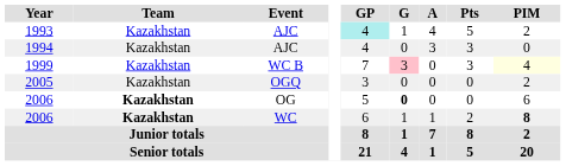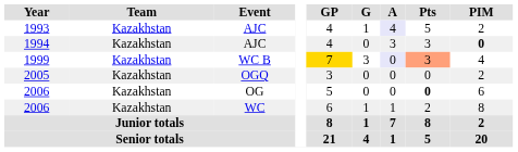 <table border="0" cellpadding="1" cellspacing="0" style="text-align:center; width:40em">
 <tr ALIGN="center" bgcolor="#e0e0e0">
 <th>Year</th>
 <th>Team</th>
 <th>Event</th>
 <th ALIGN="center" rowspan="99" bgcolor="#ffffff"> </th>
 <th>GP</th>
 <th>G</th>
 <th>A</th>
 <th>Pts</th>
 <th>PIM</th>
 </tr>
 <tr>
 <td><a href='#'>1993</a></td>
 <td><a href='#'>Kazakhstan</a></td>
 <td><a href='#'>AJC</a></td>
-<td style="background: paleturquoise;">4</td>
+<td>4</td>
 <td>1</td>
-<td>4</td>
+<td style="background: lavender;">4</td>
 <td>5</td>
 <td>2</td>
 </tr>
 <tr bgcolor="#f0f0f0">
 <td><a href='#'>1994</a></td>
 <td>Kazakhstan</td>
 <td>AJC</td>
 <td>4</td>
 <td>0</td>
 <td>3</td>
 <td>3</td>
-<td>0</td>
+<td><strong>0</strong></td>
 </tr>
 <tr>
 <td><a href='#'>1999</a></td>
 <td><a href='#'>Kazakhstan</a></td>
 <td><a href='#'>WC B</a></td>
-<td>7</td>
-<td style="background: pink;">3</td>
-<td>0</td>
+<td style="background: gold;">7</td>
 <td>3</td>
-<td style="background: lightyellow;">4</td>
+<td style="background: lavender;">0</td>
+<td style="background: lightsalmon;">3</td>
+<td>4</td>
 </tr>
 <tr bgcolor="#f0f0f0">
 <td><a href='#'>2005</a></td>
 <td>Kazakhstan</td>
 <td><a href='#'>OGQ</a></td>
 <td>3</td>
 <td>0</td>
 <td>0</td>
 <td>0</td>
 <td>2</td>
 </tr>
 <tr>
 <td><a href='#'>2006</a></td>
-<td><strong>Kazakhstan</strong></td>
+<td>Kazakhstan</td>
 <td>OG</td>
 <td>5</td>
-<td><strong>0</strong></td>
 <td>0</td>
 <td>0</td>
+<td><strong>0</strong></td>
 <td>6</td>
 </tr>
 <tr bgcolor="#f0f0f0">
 <td><a href='#'>2006</a></td>
-<td><strong>Kazakhstan</strong></td>
+<td>Kazakhstan</td>
 <td><a href='#'>WC</a></td>
 <td>6</td>
 <td>1</td>
 <td>1</td>
 <td>2</td>
-<td><strong>8</strong></td>
+<td>8</td>
 </tr>
 <tr bgcolor="#e0e0e0">
 <th colspan="3">Junior totals</th>
 <th>8</th>
 <th>1</th>
 <th>7</th>
 <th>8</th>
 <th>2</th>
 </tr>
 <tr bgcolor="#e0e0e0">
 <th colspan="3">Senior totals</th>
 <th>21</th>
 <th>4</th>
 <th>1</th>
 <th>5</th>
 <th>20</th>
 </tr>
 </table>
